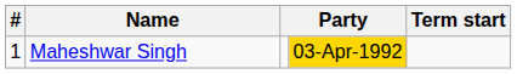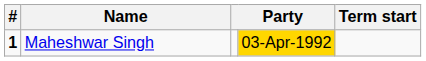 <table class="wikitable">
 <tr>
 <th>#</th>
 <th style="width:200px">Name</th>
 <th colspan="2">Party</th>
 <th>Term start</th>
 </tr>
 <tr>
-<td>1</td>
+<td><strong>1</strong></td>
 <td><a href='#'>Maheshwar Singh</a></td>
 <td></td>
 <td style="background: gold;">03-Apr-1992</td>
 </tr>
 </table>
